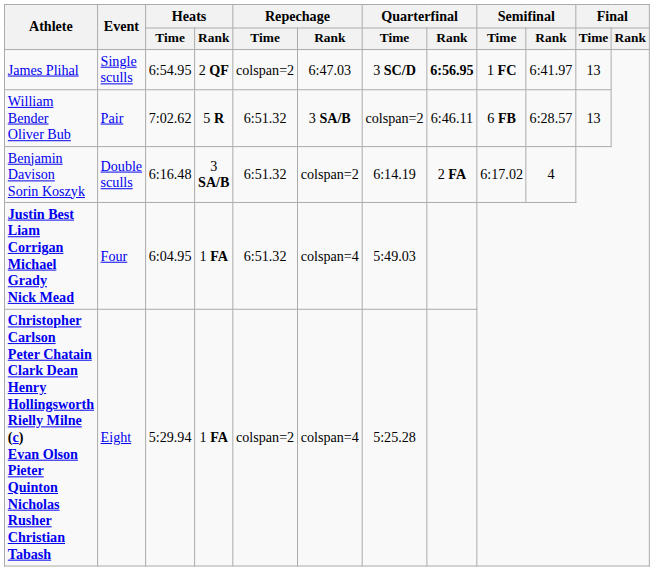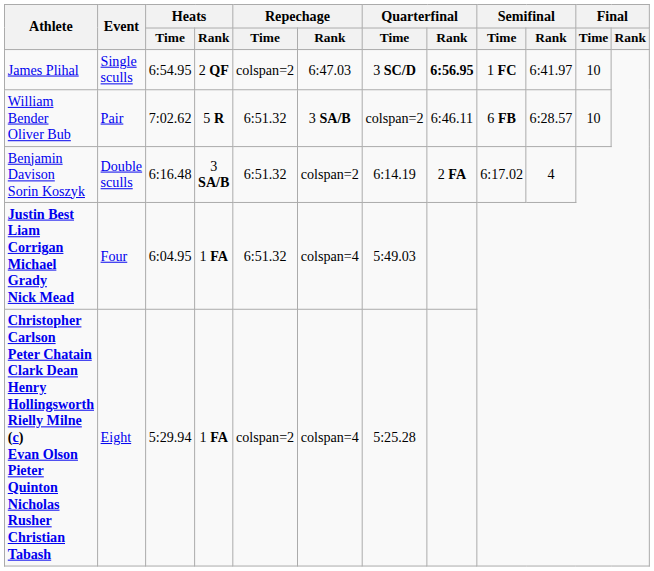 <table class=wikitable style=font-size:90%;text-align:center>
 <tr>
 <th rowspan=2>Athlete</th>
 <th rowspan=2>Event</th>
 <th colspan=2>Heats</th>
 <th colspan=2>Repechage</th>
 <th colspan=2>Quarterfinal</th>
 <th colspan=2>Semifinal</th>
 <th colspan=2>Final</th>
 </tr>
 <tr style=font-size:95%>
 <th>Time</th>
 <th>Rank</th>
 <th>Time</th>
 <th>Rank</th>
 <th>Time</th>
 <th>Rank</th>
 <th>Time</th>
 <th>Rank</th>
 <th>Time</th>
 <th>Rank</th>
 </tr>
 <tr>
 <td align=left><a href='#'>James Plihal</a></td>
 <td align=left><a href='#'>Single sculls</a></td>
 <td>6:54.95</td>
 <td>2 <strong>QF</strong></td>
 <td>colspan=2 </td>
 <td>6:47.03</td>
 <td>3 <strong>SC/D</strong></td>
 <td><strong>6:56.95</strong></td>
 <td>1 <strong>FC</strong></td>
 <td>6:41.97</td>
-<td>13</td>
+<td>10</td>
 </tr>
 <tr>
 <td align=left><a href='#'>William Bender</a><br><a href='#'>Oliver Bub</a></td>
 <td align=left><a href='#'>Pair</a></td>
 <td>7:02.62</td>
 <td>5 <strong>R</strong></td>
 <td>6:51.32</td>
 <td>3 <strong>SA/B</strong></td>
 <td>colspan=2 </td>
 <td>6:46.11</td>
 <td>6 <strong>FB</strong></td>
 <td>6:28.57</td>
-<td>13</td>
+<td>10</td>
 </tr>
 <tr>
 <td align=left><a href='#'>Benjamin Davison</a><br><a href='#'>Sorin Koszyk</a></td>
 <td align=left><a href='#'>Double sculls</a></td>
 <td>6:16.48</td>
 <td>3 <strong>SA/B</strong></td>
 <td>6:51.32</td>
 <td>colspan=2 </td>
 <td>6:14.19</td>
 <td>2 <strong>FA</strong></td>
 <td>6:17.02</td>
 <td>4</td>
 </tr>
 <tr>
 <td align=left><strong><a href='#'>Justin Best</a></strong><br><strong><a href='#'>Liam Corrigan</a></strong><br><strong><a href='#'>Michael Grady</a></strong><br><strong><a href='#'>Nick Mead</a></strong></td>
 <td align=left><a href='#'>Four</a></td>
 <td>6:04.95</td>
 <td>1 <strong>FA</strong></td>
 <td>6:51.32</td>
 <td>colspan=4 </td>
 <td>5:49.03</td>
 <td></td>
 </tr>
 <tr>
 <td align=left><strong><a href='#'>Christopher Carlson</a><br><a href='#'>Peter Chatain</a><br><a href='#'>Clark Dean</a><br><a href='#'>Henry Hollingsworth</a><br><a href='#'>Rielly Milne</a> (<a href='#'>c</a>)<br><a href='#'>Evan Olson</a><br><a href='#'>Pieter Quinton</a><br><a href='#'>Nicholas Rusher</a><br><a href='#'>Christian Tabash</a></strong></td>
 <td align=left><a href='#'>Eight</a></td>
 <td>5:29.94</td>
 <td>1 <strong>FA</strong></td>
 <td>colspan=2 </td>
 <td>colspan=4 </td>
 <td>5:25.28</td>
 <td></td>
 </tr>
 </table>
